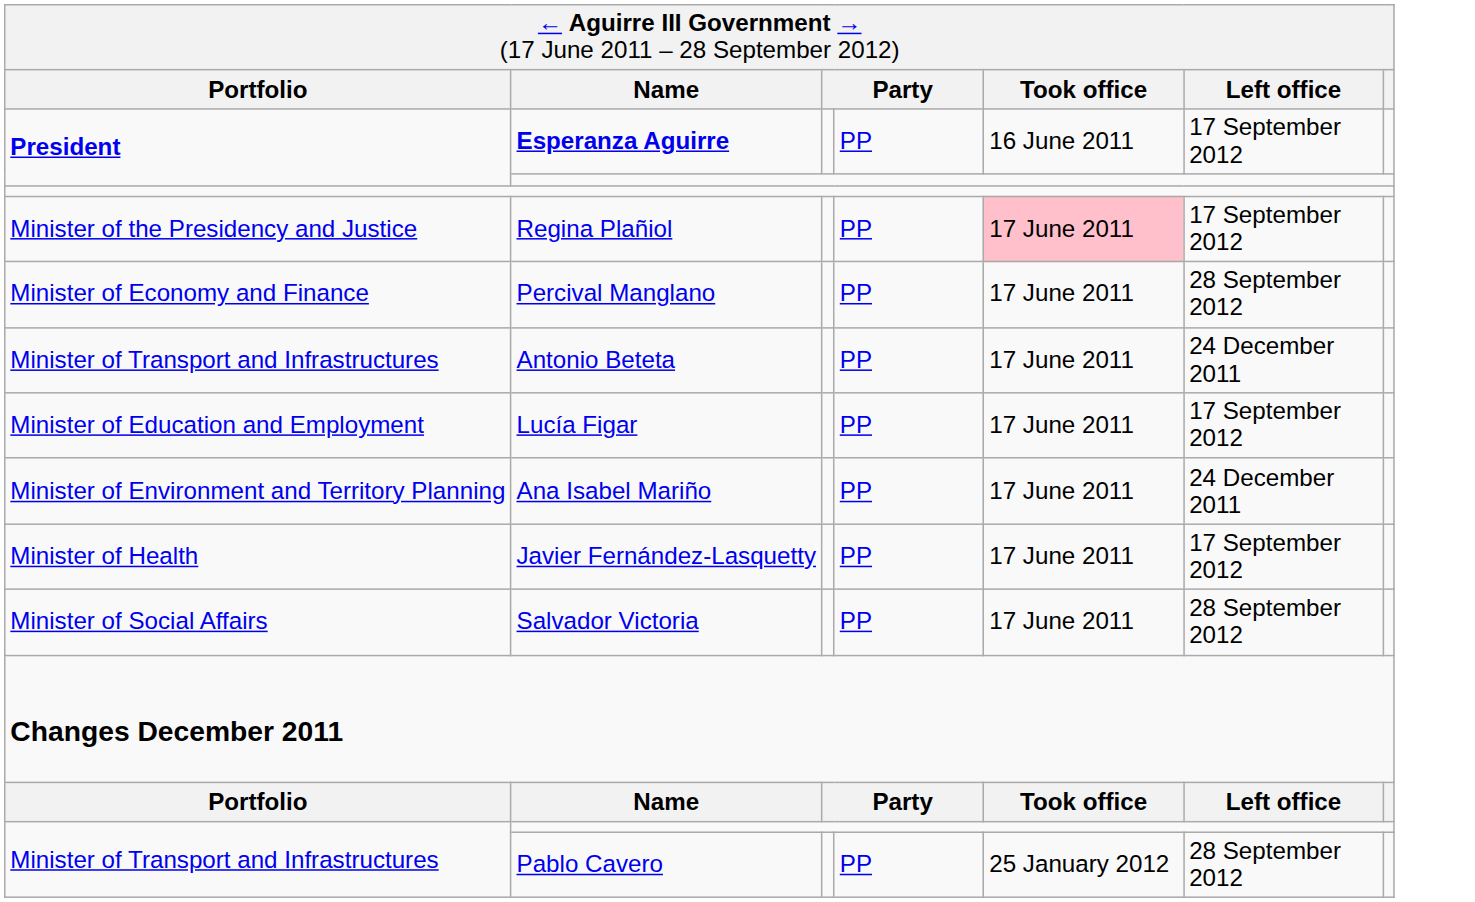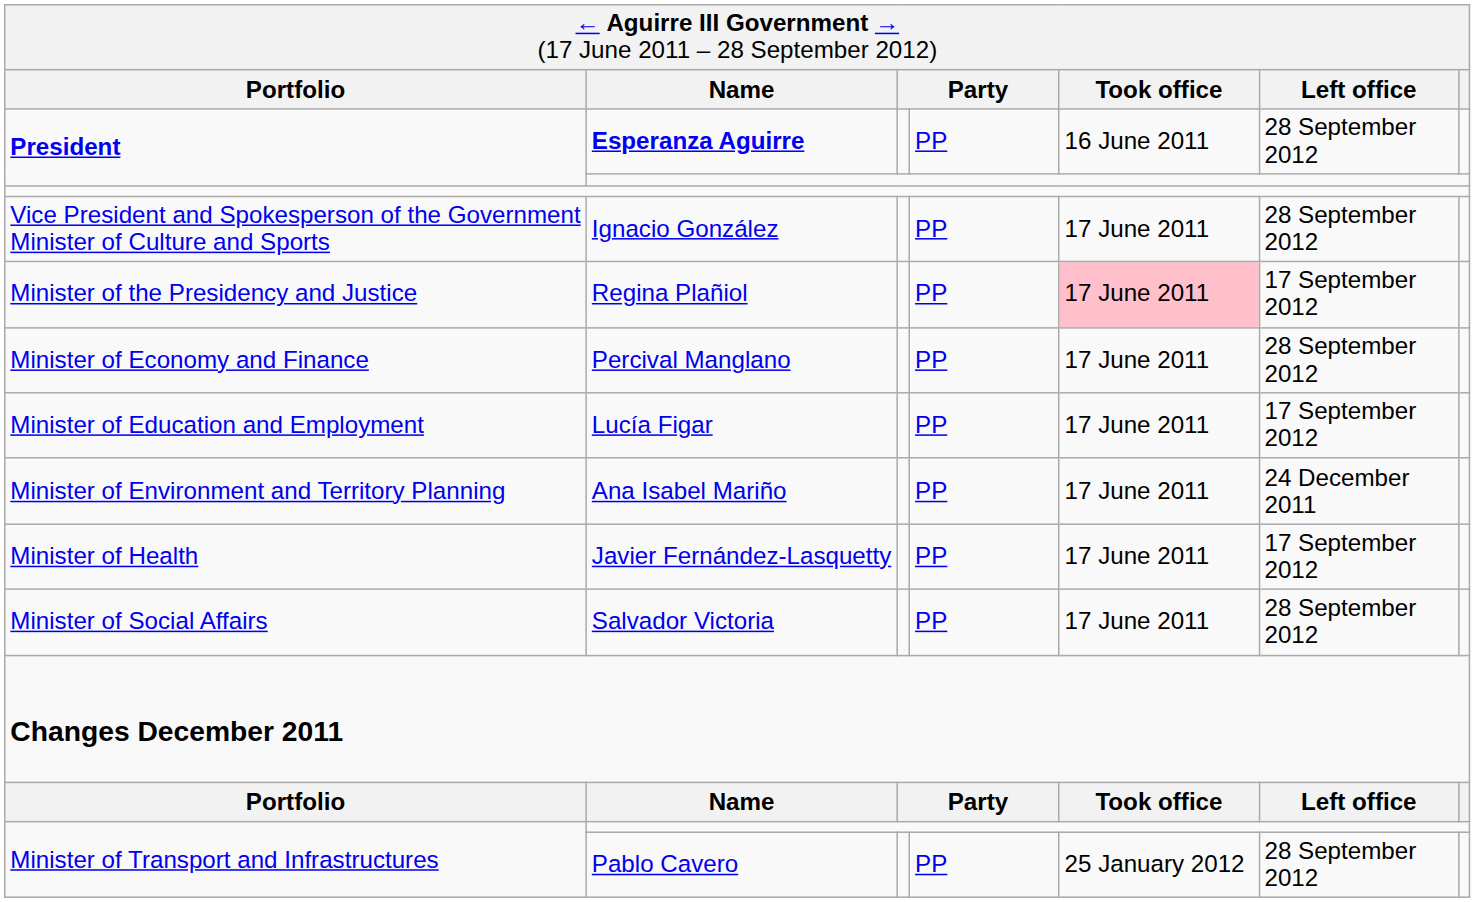 <table class="wikitable">
 <tr>
 <td colspan="7" bgcolor="#F2F2F2" align="center"><a href='#'>←</a> <strong>Aguirre III Government</strong> <a href='#'>→</a><br>(17 June 2011 – 28 September 2012)</td>
 </tr>
 <tr>
 <th>Portfolio</th>
 <th>Name</th>
 <th width="100px" colspan="2">Party</th>
 <th width="125px">Took office</th>
 <th width="125px">Left office</th>
 <th></th>
 </tr>
 <tr>
 <td rowspan="2"><strong><a href='#'>President</a></strong></td>
 <td><strong><a href='#'>Esperanza Aguirre</a></strong></td>
 <td width="1" style="background-color:"></td>
 <td><a href='#'>PP</a></td>
 <td>16 June 2011</td>
-<td>17 September 2012</td>
+<td>28 September 2012</td>
 <td align="center"></td>
 </tr>
 <tr>
 <td colspan="6"></td>
 </tr>
 <tr>
 <td colspan="7"></td>
+</tr>
+<tr>
+<td><a href='#'>Vice President and Spokesperson of the Government</a><br><a href='#'>Minister of Culture and Sports</a></td>
+<td><a href='#'>Ignacio González</a></td>
+<td style="background-color:"></td>
+<td><a href='#'>PP</a></td>
+<td>17 June 2011</td>
+<td>28 September 2012</td>
+<td align="center"></td>
 </tr>
 <tr>
 <td><a href='#'>Minister of the Presidency and Justice</a></td>
 <td><a href='#'>Regina Plañiol</a></td>
 <td style="background-color:"></td>
 <td><a href='#'>PP</a></td>
 <td style="background: pink;">17 June 2011</td>
 <td>17 September 2012</td>
 <td align="center"></td>
 </tr>
 <tr>
 <td><a href='#'>Minister of Economy and Finance</a></td>
 <td><a href='#'>Percival Manglano</a></td>
 <td style="background-color:"></td>
 <td><a href='#'>PP</a></td>
 <td>17 June 2011</td>
 <td>28 September 2012</td>
-<td align="center"></td>
-</tr>
-<tr>
-<td><a href='#'>Minister of Transport and Infrastructures</a></td>
-<td><a href='#'>Antonio Beteta</a></td>
-<td style="background-color:"></td>
-<td><a href='#'>PP</a></td>
-<td>17 June 2011</td>
-<td>24 December 2011</td>
 <td align="center"></td>
 </tr>
 <tr>
 <td><a href='#'>Minister of Education and Employment</a></td>
 <td><a href='#'>Lucía Figar</a></td>
 <td style="background-color:"></td>
 <td><a href='#'>PP</a></td>
 <td>17 June 2011</td>
 <td>17 September 2012</td>
 <td align="center"></td>
 </tr>
 <tr>
 <td><a href='#'>Minister of Environment and Territory Planning</a></td>
 <td><a href='#'>Ana Isabel Mariño</a></td>
 <td style="background-color:"></td>
 <td><a href='#'>PP</a></td>
 <td>17 June 2011</td>
 <td>24 December 2011</td>
 <td align="center"></td>
 </tr>
 <tr>
 <td><a href='#'>Minister of Health</a></td>
 <td><a href='#'>Javier Fernández-Lasquetty</a></td>
 <td style="background-color:"></td>
 <td><a href='#'>PP</a></td>
 <td>17 June 2011</td>
 <td>17 September 2012</td>
 <td align="center"></td>
 </tr>
 <tr>
 <td><a href='#'>Minister of Social Affairs</a></td>
 <td><a href='#'>Salvador Victoria</a></td>
 <td style="background-color:"></td>
 <td><a href='#'>PP</a></td>
 <td>17 June 2011</td>
 <td>28 September 2012</td>
 <td align="center"></td>
 </tr>
 <tr>
 <td colspan="7"><br><h3>Changes December 2011</h3></td>
 </tr>
 <tr>
 <th>Portfolio</th>
 <th>Name</th>
 <th colspan="2">Party</th>
 <th>Took office</th>
 <th>Left office</th>
 <th></th>
 </tr>
 <tr>
 <td rowspan="2"><a href='#'>Minister of Transport and Infrastructures</a></td>
 <td colspan="6"></td>
 </tr>
 <tr>
 <td><a href='#'>Pablo Cavero</a></td>
 <td style="background-color:"></td>
 <td><a href='#'>PP</a></td>
 <td>25 January 2012</td>
 <td>28 September 2012</td>
 <td align="center"></td>
 </tr>
 </table>
